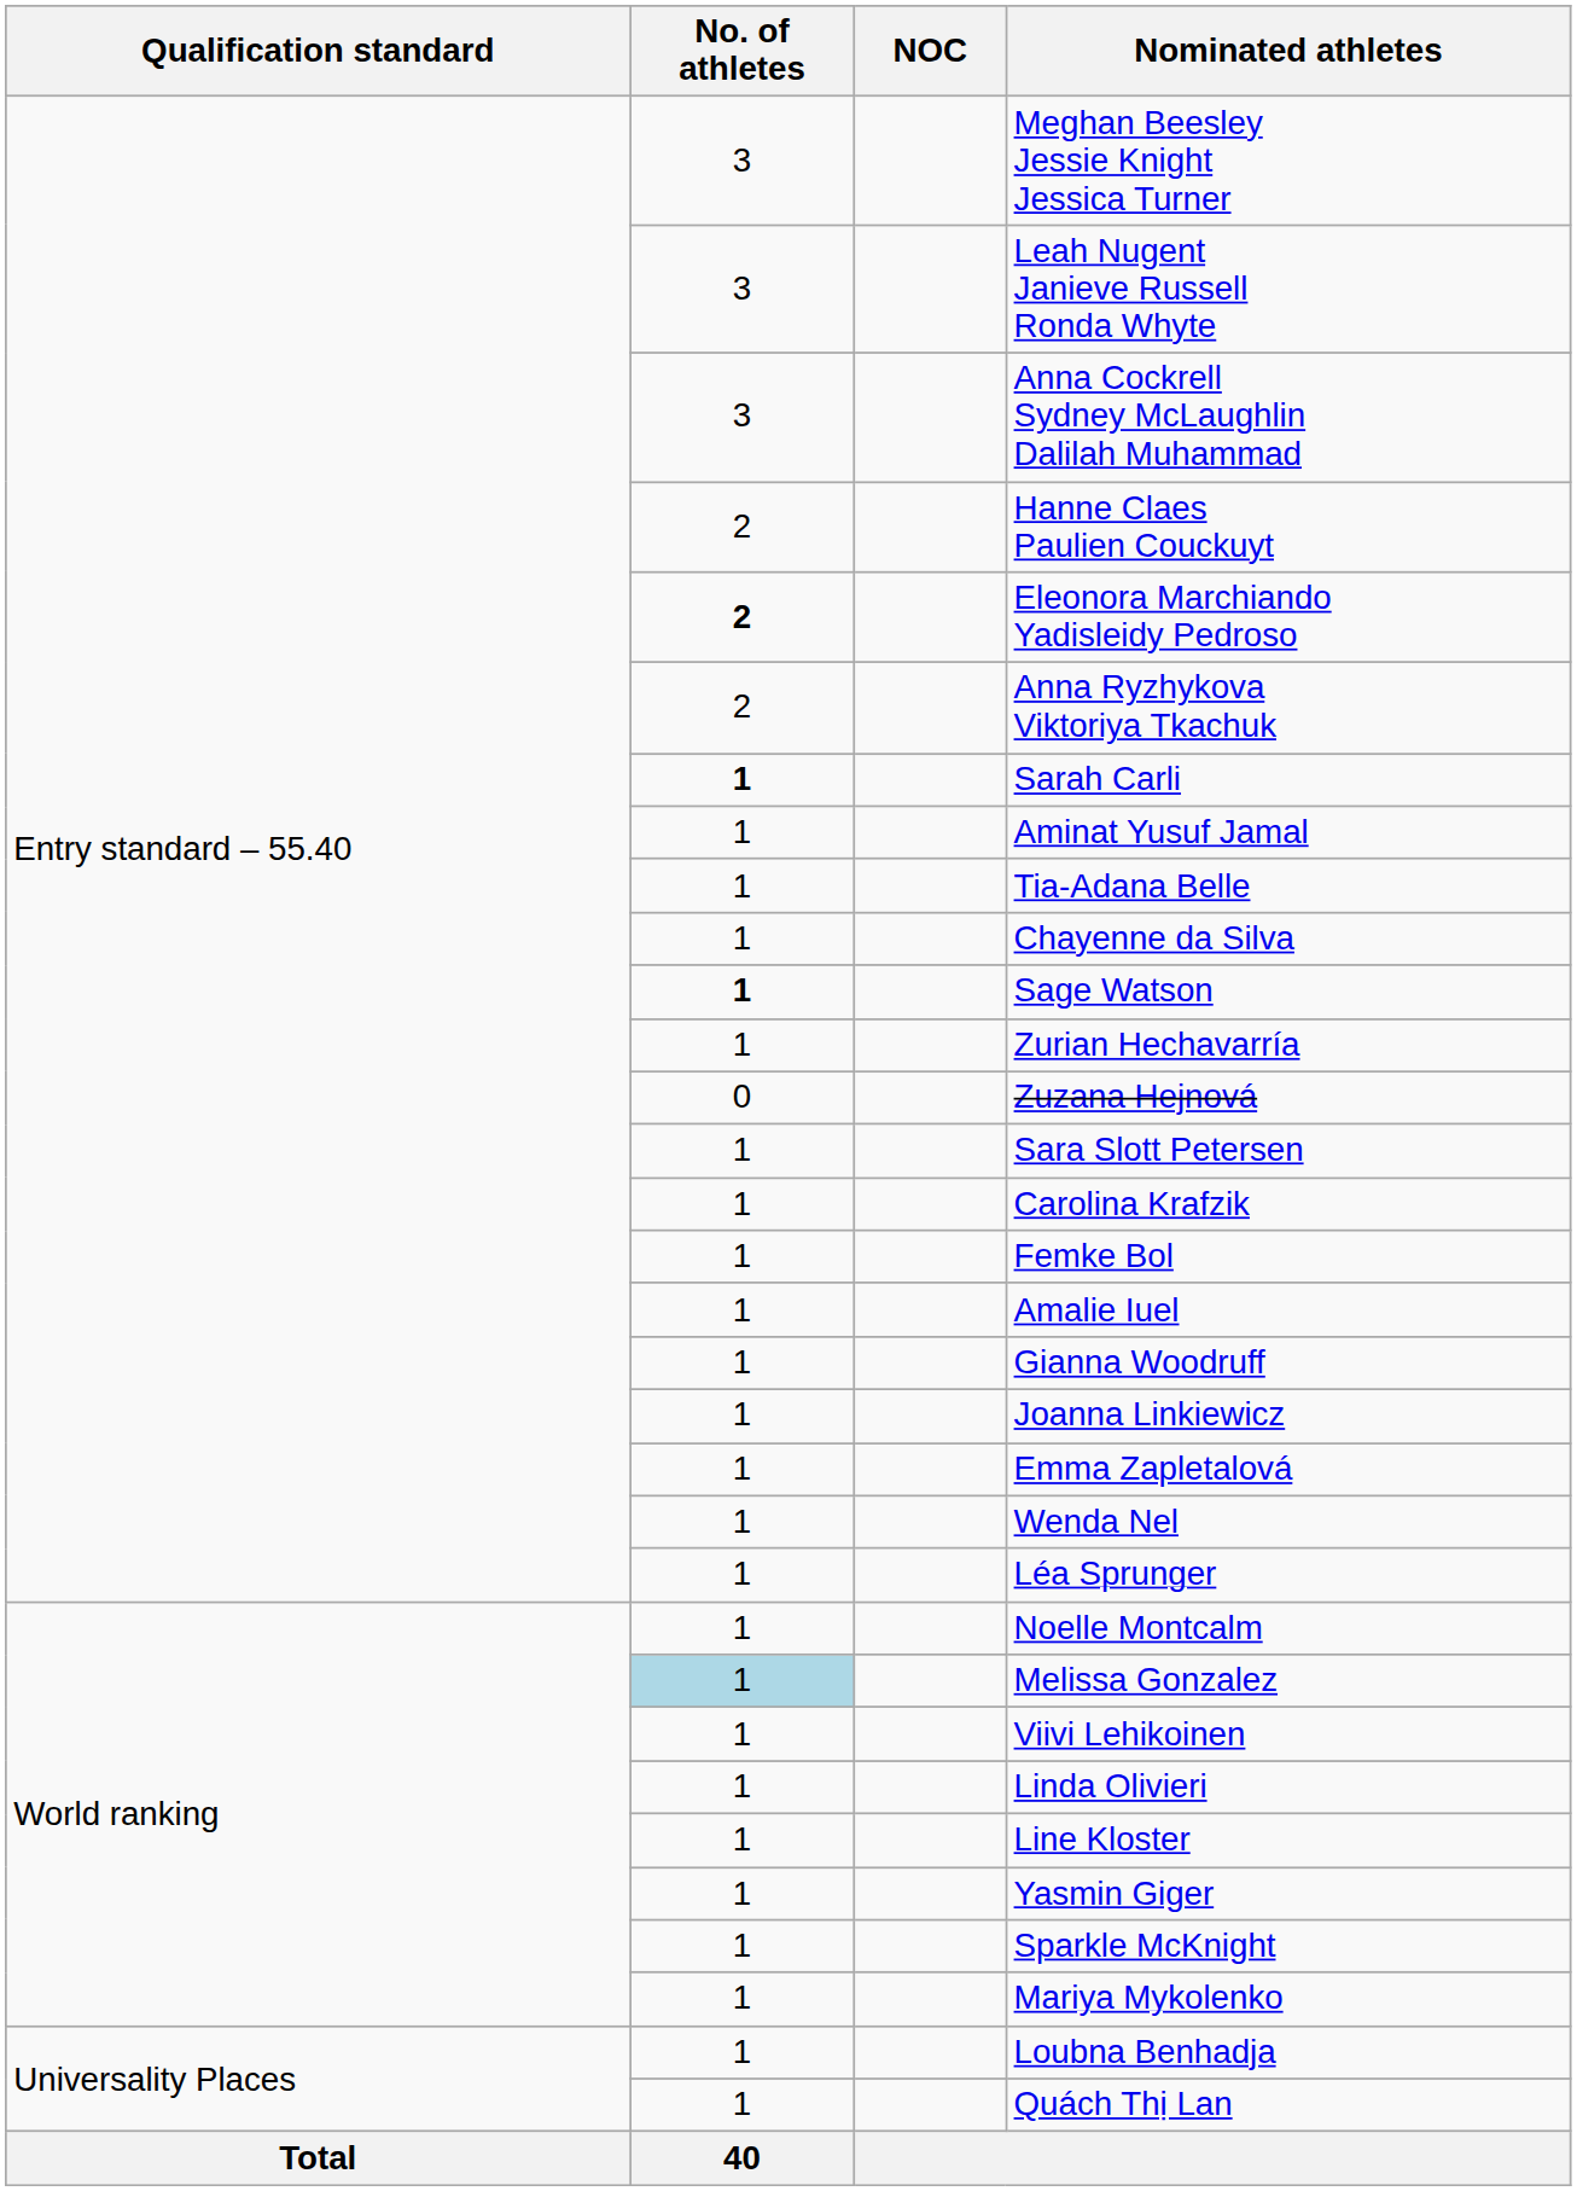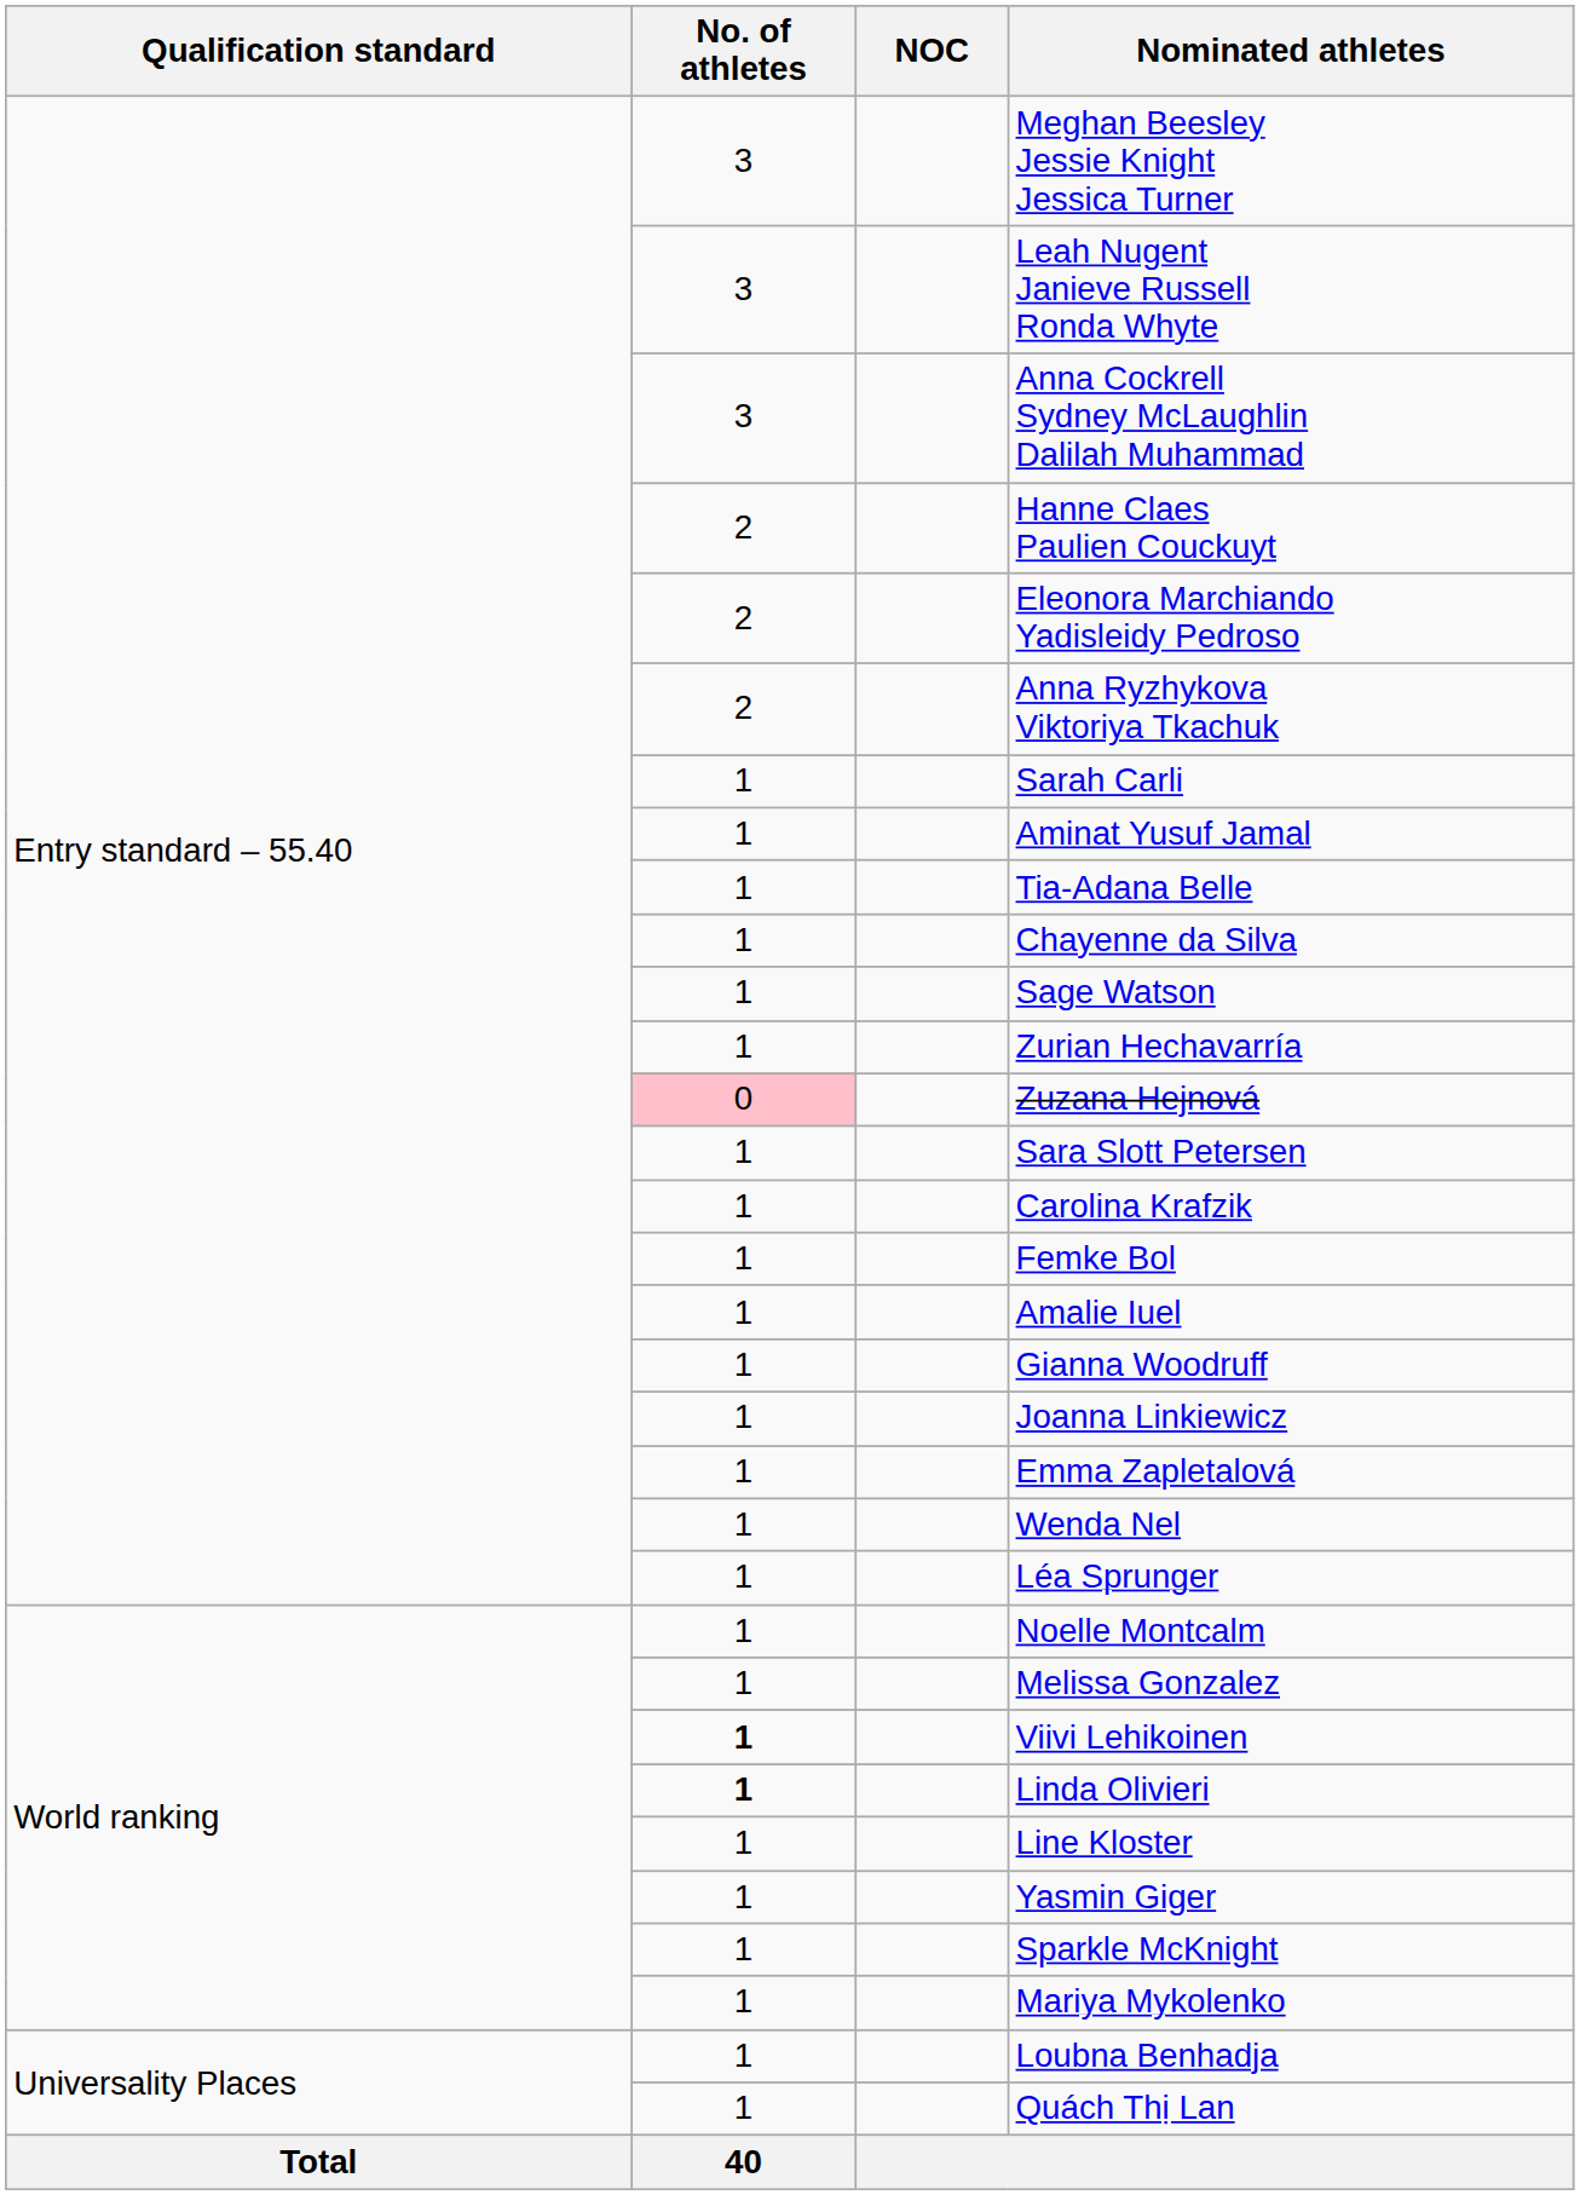 <table class="wikitable" style="text-align:left; width:750px;">
 <tr>
 <th>Qualification standard</th>
 <th width=100>No. of athletes</th>
 <th>NOC</th>
 <th>Nominated athletes</th>
 </tr>
 <tr>
 <td rowspan=22>Entry standard – 55.40</td>
 <td align=center>3</td>
 <td></td>
 <td><a href='#'>Meghan Beesley</a><br><a href='#'>Jessie Knight</a><br><a href='#'>Jessica Turner</a></td>
 </tr>
 <tr>
 <td align=center>3</td>
 <td></td>
 <td><a href='#'>Leah Nugent</a><br><a href='#'>Janieve Russell</a><br><a href='#'>Ronda Whyte</a></td>
 </tr>
 <tr>
 <td align=center>3</td>
 <td></td>
 <td><a href='#'>Anna Cockrell</a><br><a href='#'>Sydney McLaughlin</a><br><a href='#'>Dalilah Muhammad</a></td>
 </tr>
 <tr>
 <td align=center>2</td>
 <td></td>
 <td><a href='#'>Hanne Claes</a><br><a href='#'>Paulien Couckuyt</a></td>
 </tr>
 <tr>
-<td align=center><strong>2</strong></td>
+<td align=center>2</td>
 <td></td>
 <td><a href='#'>Eleonora Marchiando</a><br><a href='#'>Yadisleidy Pedroso</a></td>
 </tr>
 <tr>
 <td align=center>2</td>
 <td></td>
 <td><a href='#'>Anna Ryzhykova</a><br><a href='#'>Viktoriya Tkachuk</a></td>
 </tr>
 <tr>
-<td align=center><strong>1</strong></td>
+<td align=center>1</td>
 <td></td>
 <td><a href='#'>Sarah Carli</a></td>
 </tr>
 <tr>
 <td align=center>1</td>
 <td></td>
 <td><a href='#'>Aminat Yusuf Jamal</a></td>
 </tr>
 <tr>
 <td align=center>1</td>
 <td></td>
 <td><a href='#'>Tia-Adana Belle</a></td>
 </tr>
 <tr>
 <td align=center>1</td>
 <td></td>
 <td><a href='#'>Chayenne da Silva</a></td>
 </tr>
 <tr>
-<td align=center><strong>1</strong></td>
+<td align=center>1</td>
 <td></td>
 <td><a href='#'>Sage Watson</a></td>
 </tr>
 <tr>
 <td align=center>1</td>
 <td></td>
 <td><a href='#'>Zurian Hechavarría</a></td>
 </tr>
 <tr>
-<td align=center>0</td>
+<td align=center style="background: pink;">0</td>
 <td></td>
 <td><s><a href='#'>Zuzana Hejnová</a></s></td>
 </tr>
 <tr>
 <td align=center>1</td>
 <td></td>
 <td><a href='#'>Sara Slott Petersen</a></td>
 </tr>
 <tr>
 <td align=center>1</td>
 <td></td>
 <td><a href='#'>Carolina Krafzik</a></td>
 </tr>
 <tr>
 <td align=center>1</td>
 <td></td>
 <td><a href='#'>Femke Bol</a></td>
 </tr>
 <tr>
 <td align=center>1</td>
 <td></td>
 <td><a href='#'>Amalie Iuel</a></td>
 </tr>
 <tr>
 <td align=center>1</td>
 <td></td>
 <td><a href='#'>Gianna Woodruff</a></td>
 </tr>
 <tr>
 <td align=center>1</td>
 <td></td>
 <td><a href='#'>Joanna Linkiewicz</a></td>
 </tr>
 <tr>
 <td align=center>1</td>
 <td></td>
 <td><a href='#'>Emma Zapletalová</a></td>
 </tr>
 <tr>
 <td align=center>1</td>
 <td></td>
 <td><a href='#'>Wenda Nel</a></td>
 </tr>
 <tr>
 <td align=center>1</td>
 <td></td>
 <td><a href='#'>Léa Sprunger</a></td>
 </tr>
 <tr>
 <td rowspan=8>World ranking</td>
 <td align=center>1</td>
 <td></td>
 <td><a href='#'>Noelle Montcalm</a></td>
 </tr>
 <tr>
-<td align=center style="background: lightblue;">1</td>
+<td align=center>1</td>
 <td></td>
 <td><a href='#'>Melissa Gonzalez</a></td>
 </tr>
 <tr>
-<td align=center>1</td>
+<td align=center><strong>1</strong></td>
 <td></td>
 <td><a href='#'>Viivi Lehikoinen</a></td>
 </tr>
 <tr>
-<td align=center>1</td>
+<td align=center><strong>1</strong></td>
 <td></td>
 <td><a href='#'>Linda Olivieri</a></td>
 </tr>
 <tr>
 <td align=center>1</td>
 <td></td>
 <td><a href='#'>Line Kloster</a></td>
 </tr>
 <tr>
 <td align=center>1</td>
 <td></td>
 <td><a href='#'>Yasmin Giger</a></td>
 </tr>
 <tr>
 <td align=center>1</td>
 <td></td>
 <td><a href='#'>Sparkle McKnight</a></td>
 </tr>
 <tr>
 <td align=center>1</td>
 <td></td>
 <td><a href='#'>Mariya Mykolenko</a></td>
 </tr>
 <tr>
 <td rowspan=2>Universality Places</td>
 <td align=center>1</td>
 <td></td>
 <td><a href='#'>Loubna Benhadja</a></td>
 </tr>
 <tr>
 <td align=center>1</td>
 <td></td>
 <td><a href='#'>Quách Thị Lan</a></td>
 </tr>
 <tr>
 <th>Total</th>
 <th>40</th>
 <th colspan=2></th>
 </tr>
 </table>
